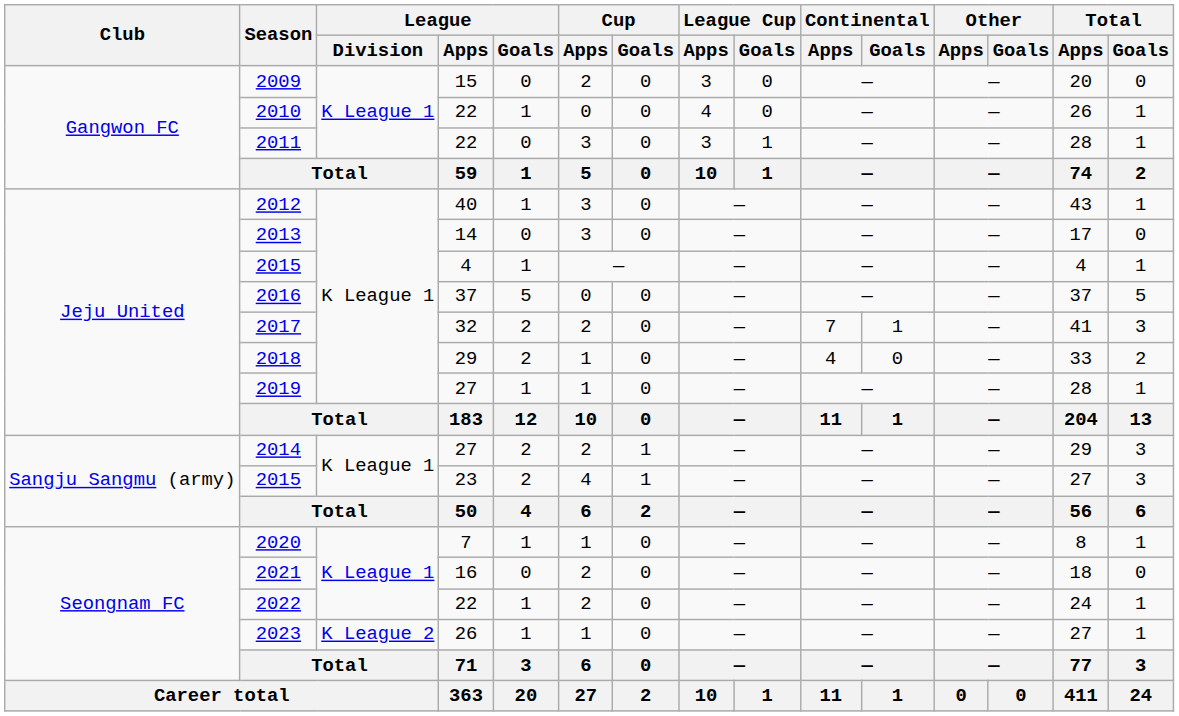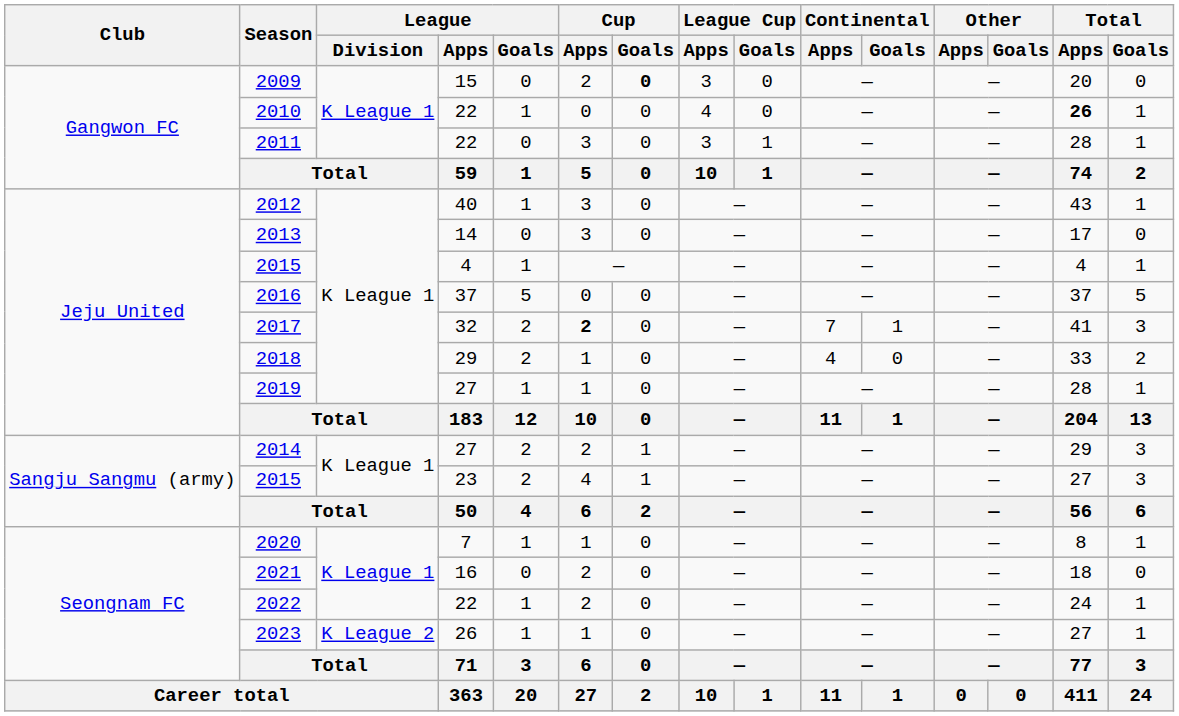 <table class="wikitable" style="text-align:center">
 <tr>
 <th rowspan=2>Club</th>
 <th rowspan=2>Season</th>
 <th colspan=3>League</th>
 <th colspan=2>Cup</th>
 <th colspan=2>League Cup</th>
 <th colspan=2>Continental</th>
 <th colspan=2>Other</th>
 <th colspan=2>Total</th>
 </tr>
 <tr>
 <th>Division</th>
 <th>Apps</th>
 <th>Goals</th>
 <th>Apps</th>
 <th>Goals</th>
 <th>Apps</th>
 <th>Goals</th>
 <th>Apps</th>
 <th>Goals</th>
 <th>Apps</th>
 <th>Goals</th>
 <th>Apps</th>
 <th>Goals</th>
 </tr>
 <tr>
 <td rowspan=4><a href='#'>Gangwon FC</a></td>
 <td><a href='#'>2009</a></td>
 <td rowspan=3><a href='#'>K League 1</a></td>
 <td>15</td>
 <td>0</td>
 <td>2</td>
-<td>0</td>
+<td><strong>0</strong></td>
 <td>3</td>
 <td>0</td>
 <td colspan="2">—</td>
 <td colspan="2">—</td>
 <td>20</td>
 <td>0</td>
 </tr>
 <tr>
 <td><a href='#'>2010</a></td>
 <td>22</td>
 <td>1</td>
 <td>0</td>
 <td>0</td>
 <td>4</td>
 <td>0</td>
 <td colspan="2">—</td>
 <td colspan="2">—</td>
-<td>26</td>
+<td><strong>26</strong></td>
 <td>1</td>
 </tr>
 <tr>
 <td><a href='#'>2011</a></td>
 <td>22</td>
 <td>0</td>
 <td>3</td>
 <td>0</td>
 <td>3</td>
 <td>1</td>
 <td colspan="2">—</td>
 <td colspan="2">—</td>
 <td>28</td>
 <td>1</td>
 </tr>
 <tr>
 <th colspan=2>Total</th>
 <th>59</th>
 <th>1</th>
 <th>5</th>
 <th>0</th>
 <th>10</th>
 <th>1</th>
 <th colspan="2">—</th>
 <th colspan="2">—</th>
 <th>74</th>
 <th>2</th>
 </tr>
 <tr>
 <td rowspan=8><a href='#'>Jeju United</a></td>
 <td><a href='#'>2012</a></td>
 <td rowspan=7>K League 1</td>
 <td>40</td>
 <td>1</td>
 <td>3</td>
 <td>0</td>
 <td colspan="2">—</td>
 <td colspan="2">—</td>
 <td colspan="2">—</td>
 <td>43</td>
 <td>1</td>
 </tr>
 <tr>
 <td><a href='#'>2013</a></td>
 <td>14</td>
 <td>0</td>
 <td>3</td>
 <td>0</td>
 <td colspan="2">—</td>
 <td colspan="2">—</td>
 <td colspan="2">—</td>
 <td>17</td>
 <td>0</td>
 </tr>
 <tr>
 <td><a href='#'>2015</a></td>
 <td>4</td>
 <td>1</td>
 <td colspan="2">—</td>
 <td colspan="2">—</td>
 <td colspan="2">—</td>
 <td colspan="2">—</td>
 <td>4</td>
 <td>1</td>
 </tr>
 <tr>
 <td><a href='#'>2016</a></td>
 <td>37</td>
 <td>5</td>
 <td>0</td>
 <td>0</td>
 <td colspan="2">—</td>
 <td colspan="2">—</td>
 <td colspan="2">—</td>
 <td>37</td>
 <td>5</td>
 </tr>
 <tr>
 <td><a href='#'>2017</a></td>
 <td>32</td>
 <td>2</td>
-<td>2</td>
+<td><strong>2</strong></td>
 <td>0</td>
 <td colspan="2">—</td>
 <td>7</td>
 <td>1</td>
 <td colspan="2">—</td>
 <td>41</td>
 <td>3</td>
 </tr>
 <tr>
 <td><a href='#'>2018</a></td>
 <td>29</td>
 <td>2</td>
 <td>1</td>
 <td>0</td>
 <td colspan="2">—</td>
 <td>4</td>
 <td>0</td>
 <td colspan="2">—</td>
 <td>33</td>
 <td>2</td>
 </tr>
 <tr>
 <td><a href='#'>2019</a></td>
 <td>27</td>
 <td>1</td>
 <td>1</td>
 <td>0</td>
 <td colspan="2">—</td>
 <td colspan="2">—</td>
 <td colspan="2">—</td>
 <td>28</td>
 <td>1</td>
 </tr>
 <tr>
 <th colspan=2>Total</th>
 <th>183</th>
 <th>12</th>
 <th>10</th>
 <th>0</th>
 <th colspan="2">—</th>
 <th>11</th>
 <th>1</th>
 <th colspan="2">—</th>
 <th>204</th>
 <th>13</th>
 </tr>
 <tr>
 <td rowspan=3><a href='#'>Sangju Sangmu</a> (army)</td>
 <td><a href='#'>2014</a></td>
 <td rowspan=2>K League 1</td>
 <td>27</td>
 <td>2</td>
 <td>2</td>
 <td>1</td>
 <td colspan="2">—</td>
 <td colspan="2">—</td>
 <td colspan="2">—</td>
 <td>29</td>
 <td>3</td>
 </tr>
 <tr>
 <td><a href='#'>2015</a></td>
 <td>23</td>
 <td>2</td>
 <td>4</td>
 <td>1</td>
 <td colspan="2">—</td>
 <td colspan="2">—</td>
 <td colspan="2">—</td>
 <td>27</td>
 <td>3</td>
 </tr>
 <tr>
 <th colspan=2>Total</th>
 <th>50</th>
 <th>4</th>
 <th>6</th>
 <th>2</th>
 <th colspan="2">—</th>
 <th colspan="2">—</th>
 <th colspan="2">—</th>
 <th>56</th>
 <th>6</th>
 </tr>
 <tr>
 <td rowspan=5><a href='#'>Seongnam FC</a></td>
 <td><a href='#'>2020</a></td>
 <td rowspan=3><a href='#'>K League 1</a></td>
 <td>7</td>
 <td>1</td>
 <td>1</td>
 <td>0</td>
 <td colspan="2">—</td>
 <td colspan="2">—</td>
 <td colspan="2">—</td>
 <td>8</td>
 <td>1</td>
 </tr>
 <tr>
 <td><a href='#'>2021</a></td>
 <td>16</td>
 <td>0</td>
 <td>2</td>
 <td>0</td>
 <td colspan="2">—</td>
 <td colspan="2">—</td>
 <td colspan="2">—</td>
 <td>18</td>
 <td>0</td>
 </tr>
 <tr>
 <td><a href='#'>2022</a></td>
 <td>22</td>
 <td>1</td>
 <td>2</td>
 <td>0</td>
 <td colspan="2">—</td>
 <td colspan="2">—</td>
 <td colspan="2">—</td>
 <td>24</td>
 <td>1</td>
 </tr>
 <tr>
 <td><a href='#'>2023</a></td>
 <td><a href='#'>K League 2</a></td>
 <td>26</td>
 <td>1</td>
 <td>1</td>
 <td>0</td>
 <td colspan="2">—</td>
 <td colspan="2">—</td>
 <td colspan="2">—</td>
 <td>27</td>
 <td>1</td>
 </tr>
 <tr>
 <th colspan=2>Total</th>
 <th>71</th>
 <th>3</th>
 <th>6</th>
 <th>0</th>
 <th colspan="2">—</th>
 <th colspan="2">—</th>
 <th colspan="2">—</th>
 <th>77</th>
 <th>3</th>
 </tr>
 <tr>
 <th colspan=3>Career total</th>
 <th>363</th>
 <th>20</th>
 <th>27</th>
 <th>2</th>
 <th>10</th>
 <th>1</th>
 <th>11</th>
 <th>1</th>
 <th>0</th>
 <th>0</th>
 <th>411</th>
 <th>24</th>
 </tr>
 </table>
